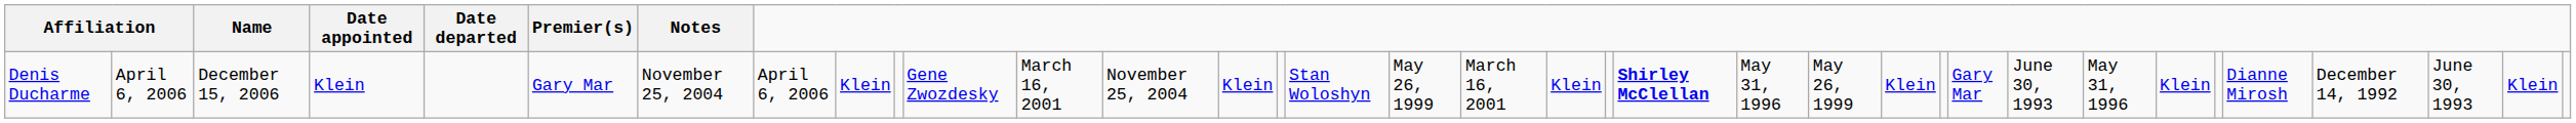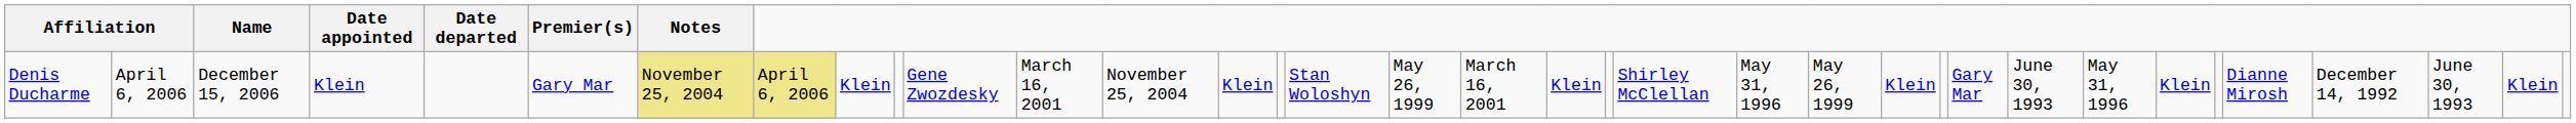 <table class="wikitable">
 <tr>
 <th colspan="2">Affiliation</th>
 <th>Name</th>
 <th>Date appointed</th>
 <th>Date departed</th>
 <th>Premier(s)</th>
 <th>Notes</th>
 </tr>
 <tr>
 <td><a href='#'>Denis Ducharme</a></td>
 <td>April 6, 2006</td>
 <td>December 15, 2006</td>
 <td><a href='#'>Klein</a></td>
 <td><br></td>
 <td><a href='#'>Gary Mar</a></td>
-<td>November 25, 2004</td>
-<td>April 6, 2006</td>
+<td style="background: khaki;">November 25, 2004</td>
+<td style="background: khaki;">April 6, 2006</td>
 <td><a href='#'>Klein</a></td>
 <td><br></td>
 <td><a href='#'>Gene Zwozdesky</a></td>
 <td>March 16, 2001</td>
 <td>November 25, 2004</td>
 <td><a href='#'>Klein</a></td>
 <td><br></td>
 <td><a href='#'>Stan Woloshyn</a></td>
 <td>May 26, 1999</td>
 <td>March 16, 2001</td>
 <td><a href='#'>Klein</a></td>
 <td><br></td>
-<td><strong><a href='#'>Shirley McClellan</a></strong></td>
+<td><a href='#'>Shirley McClellan</a></td>
 <td>May 31, 1996</td>
 <td>May 26, 1999</td>
 <td><a href='#'>Klein</a></td>
 <td><br></td>
 <td><a href='#'>Gary Mar</a></td>
 <td>June 30, 1993</td>
 <td>May 31, 1996</td>
 <td><a href='#'>Klein</a></td>
 <td><br></td>
 <td><a href='#'>Dianne Mirosh</a></td>
 <td>December 14, 1992</td>
 <td>June 30, 1993</td>
 <td><a href='#'>Klein</a></td>
 <td></td>
 </tr>
 </table>
